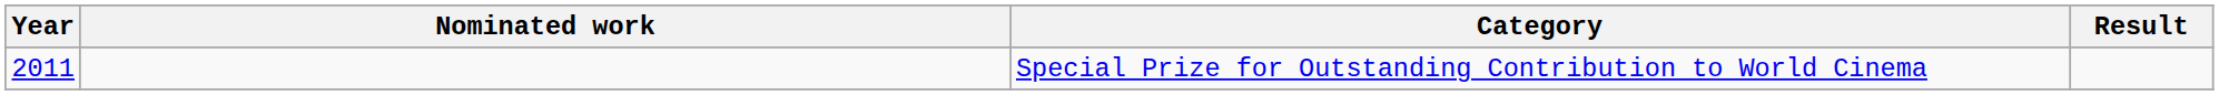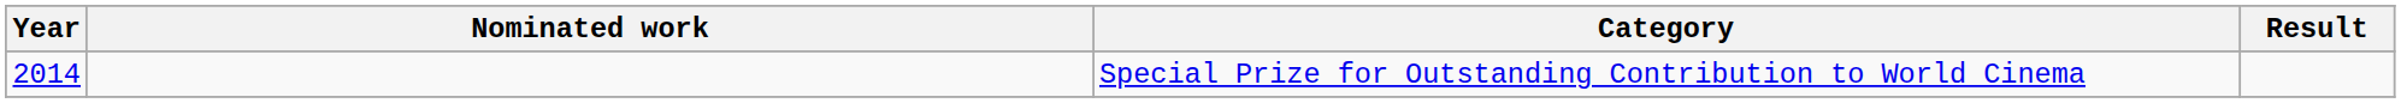 <table class="wikitable">
 <tr>
 <th scope="col" style="width:1em;">Year</th>
 <th scope="col" style="width:35em;">Nominated work</th>
 <th scope="col" style="width:40em;">Category</th>
 <th scope="col" style="width:5em;">Result</th>
 </tr>
 <tr>
-<td><a href='#'>2011</a></td>
+<td><a href='#'>2014</a></td>
 <td></td>
 <td><a href='#'>Special Prize for Outstanding Contribution to World Cinema</a></td>
 <td></td>
 </tr>
 </table>
